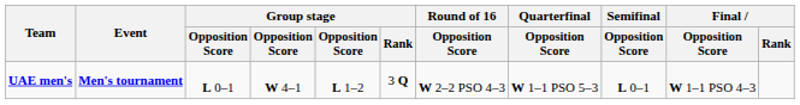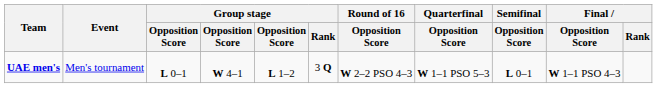 <table class=wikitable style=font-size:90%;text-align:center>
 <tr>
 <th rowspan=2>Team</th>
 <th rowspan=2>Event</th>
 <th colspan=4>Group stage</th>
 <th>Round of 16</th>
 <th>Quarterfinal</th>
 <th>Semifinal</th>
 <th colspan=2>Final / </th>
 </tr>
 <tr style=font-size:95%>
 <th>Opposition<br>Score</th>
 <th>Opposition<br>Score</th>
 <th>Opposition<br>Score</th>
 <th>Rank</th>
 <th>Opposition<br>Score</th>
 <th>Opposition<br>Score</th>
 <th>Opposition<br>Score</th>
 <th>Opposition<br>Score</th>
 <th>Rank</th>
 </tr>
 <tr>
 <td align=left><strong><a href='#'>UAE men's</a></strong></td>
-<td align=left><strong><a href='#'>Men's tournament</a></strong></td>
+<td align=left><a href='#'>Men's tournament</a></td>
 <td><br><strong>L</strong> 0–1</td>
 <td><br><strong>W</strong> 4–1</td>
 <td><br><strong>L</strong> 1–2</td>
 <td>3 <strong>Q</strong></td>
 <td><br><strong>W</strong> 2–2 PSO 4–3</td>
 <td><br><strong>W</strong> 1–1 PSO 5–3</td>
 <td><br><strong>L</strong> 0–1</td>
 <td><br><strong>W</strong> 1–1 PSO 4–3</td>
 <td></td>
 </tr>
 </table>
